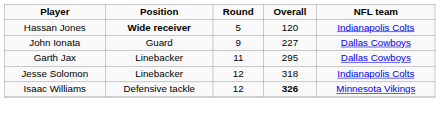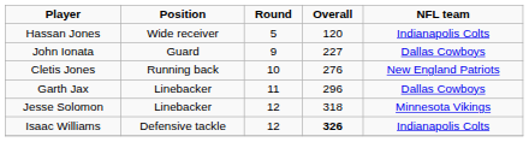 <table class="wikitable" width="80%">
 <tr align="center">
 <td><strong>Player</strong></td>
 <td><strong>Position</strong></td>
 <td><strong>Round</strong></td>
 <td><strong>Overall</strong></td>
 <td><strong>NFL team</strong></td>
 </tr>
 <tr align="center" bgcolor="">
 <td>Hassan Jones</td>
-<td><strong>Wide receiver</strong></td>
+<td>Wide receiver</td>
 <td>5</td>
 <td>120</td>
 <td><a href='#'>Indianapolis Colts</a></td>
 </tr>
 <tr align="center" bgcolor="">
 <td>John Ionata</td>
 <td>Guard</td>
 <td>9</td>
 <td>227</td>
 <td><a href='#'>Dallas Cowboys</a></td>
 </tr>
 <tr align="center" bgcolor="">
+<td>Cletis Jones</td>
+<td>Running back</td>
+<td>10</td>
+<td>276</td>
+<td><a href='#'>New England Patriots</a></td>
+</tr>
+<tr align="center" bgcolor="">
 <td>Garth Jax</td>
 <td>Linebacker</td>
 <td>11</td>
-<td>295</td>
+<td>296</td>
 <td><a href='#'>Dallas Cowboys</a></td>
 </tr>
 <tr align="center" bgcolor="">
 <td>Jesse Solomon</td>
 <td>Linebacker</td>
 <td>12</td>
 <td>318</td>
-<td><a href='#'>Indianapolis Colts</a></td>
+<td><a href='#'>Minnesota Vikings</a></td>
 </tr>
 <tr align="center" bgcolor="">
 <td>Isaac Williams</td>
 <td>Defensive tackle</td>
 <td>12</td>
 <td><strong>326</strong></td>
-<td><a href='#'>Minnesota Vikings</a></td>
+<td><a href='#'>Indianapolis Colts</a></td>
 </tr>
 <tr align="center" bgcolor="">
 </tr>
 </table>
